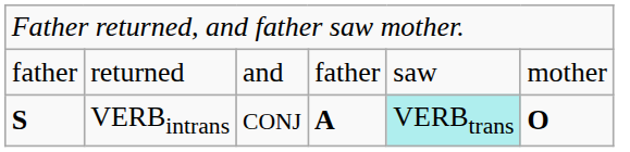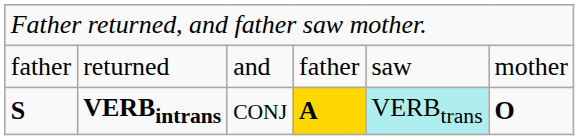 <table class="wikitable">
 <tr>
 <td colspan="6"><em>Father returned, and father saw mother.</em></td>
 </tr>
 <tr>
 <td><span>father</span></td>
 <td>returned</td>
 <td>and</td>
 <td><span>father</span></td>
 <td>saw</td>
 <td><span>mother</span></td>
 </tr>
 <tr>
 <td><span><strong>S</strong></span></td>
-<td>VERB<sub>intrans</sub></td>
+<td><strong>VERB<sub>intrans</sub></strong></td>
 <td><small>CONJ</small></td>
-<td><span><strong>A</strong></span></td>
+<td style="background: gold;"><span><strong>A</strong></span></td>
 <td style="background: paleturquoise;">VERB<sub>trans</sub></td>
 <td><span><strong>O</strong></span></td>
 </tr>
 </table>
